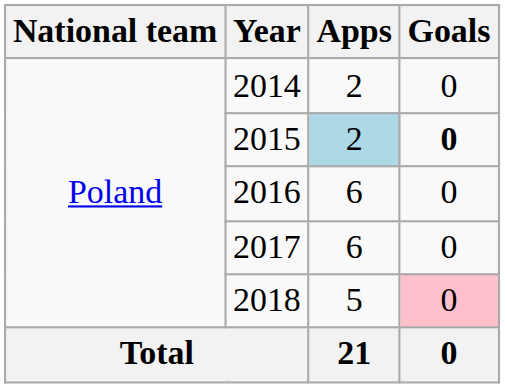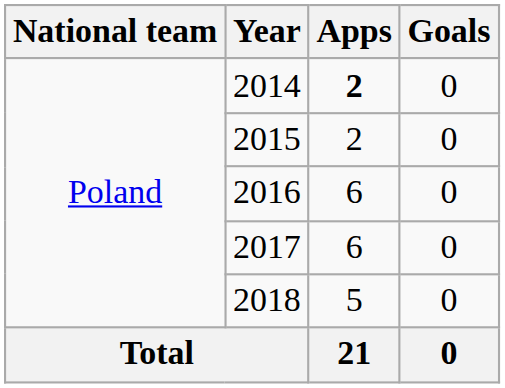 <table class="wikitable" style="text-align:center">
 <tr>
 <th>National team</th>
 <th>Year</th>
 <th>Apps</th>
 <th>Goals</th>
 </tr>
 <tr>
 <td rowspan="5"><a href='#'>Poland</a></td>
 <td>2014</td>
-<td>2</td>
+<td><strong>2</strong></td>
 <td>0</td>
 </tr>
 <tr>
 <td>2015</td>
-<td style="background: lightblue;">2</td>
-<td><strong>0</strong></td>
+<td>2</td>
+<td>0</td>
 </tr>
 <tr>
 <td>2016</td>
 <td>6</td>
 <td>0</td>
 </tr>
 <tr>
 <td>2017</td>
 <td>6</td>
 <td>0</td>
 </tr>
 <tr>
 <td>2018</td>
 <td>5</td>
-<td style="background: pink;">0</td>
+<td>0</td>
 </tr>
 <tr>
 <th colspan="2">Total</th>
 <th>21</th>
 <th>0</th>
 </tr>
 </table>
